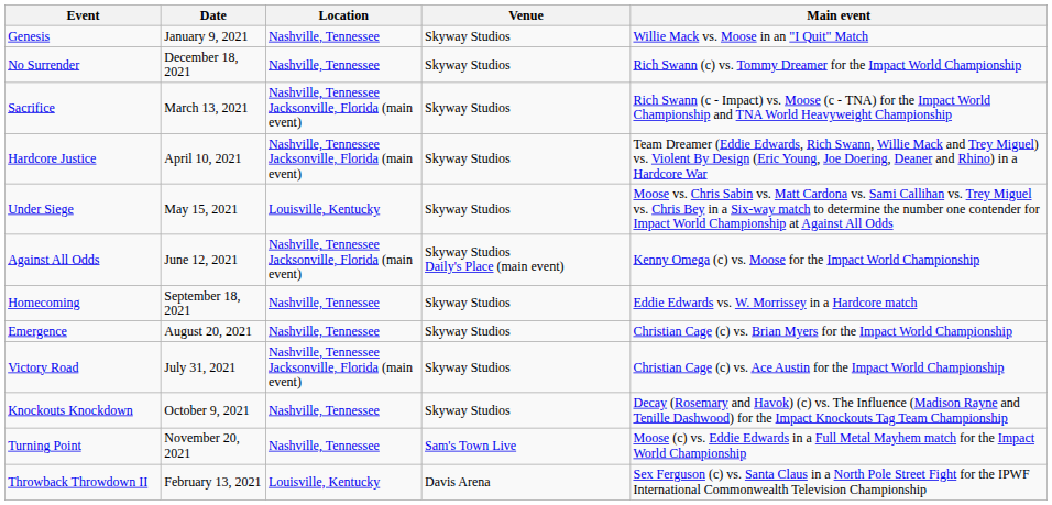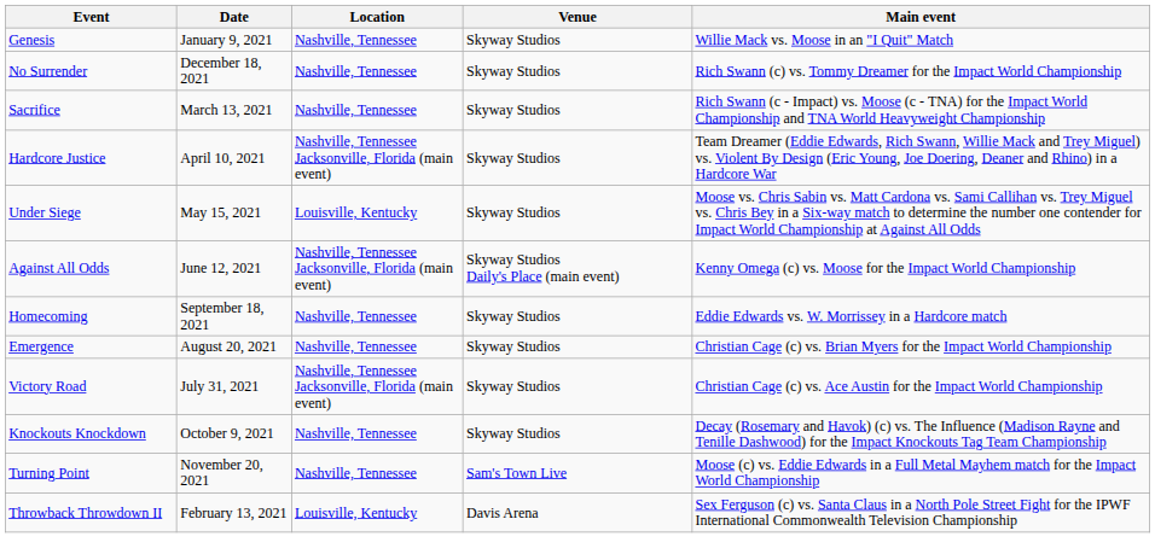 <table class="wikitable sortable" width="100%" style="align: center">
 <tr>
 <th width="15%">Event</th>
 <th width="10%">Date</th>
 <th width="15%">Location</th>
 <th width="20%">Venue</th>
 <th width="40%">Main event</th>
 </tr>
 <tr>
 <td><a href='#'>Genesis</a></td>
 <td>January 9, 2021</td>
 <td><a href='#'>Nashville, Tennessee</a></td>
 <td>Skyway Studios</td>
 <td><a href='#'>Willie Mack</a> vs. <a href='#'>Moose</a> in an <a href='#'>"I Quit" Match</a></td>
 </tr>
 <tr>
 <td><a href='#'>No Surrender</a></td>
 <td>December 18, 2021</td>
 <td><a href='#'>Nashville, Tennessee</a></td>
 <td>Skyway Studios</td>
 <td><a href='#'>Rich Swann</a> (c) vs. <a href='#'>Tommy Dreamer</a> for the <a href='#'>Impact World Championship</a></td>
 </tr>
 <tr>
 <td><a href='#'>Sacrifice</a></td>
 <td>March 13, 2021</td>
-<td><a href='#'>Nashville, Tennessee</a><br><a href='#'>Jacksonville, Florida</a> (main event)</td>
+<td><a href='#'>Nashville, Tennessee</a></td>
 <td>Skyway Studios</td>
 <td><a href='#'>Rich Swann</a> (c - Impact) vs. <a href='#'>Moose</a> (c - TNA) for the <a href='#'>Impact World Championship</a> and <a href='#'>TNA World Heavyweight Championship</a></td>
 </tr>
 <tr>
 <td><a href='#'>Hardcore Justice</a></td>
 <td>April 10, 2021</td>
 <td><a href='#'>Nashville, Tennessee</a><br><a href='#'>Jacksonville, Florida</a> (main event)</td>
 <td>Skyway Studios</td>
 <td>Team Dreamer (<a href='#'>Eddie Edwards</a>, <a href='#'>Rich Swann</a>, <a href='#'>Willie Mack</a> and <a href='#'>Trey Miguel</a>) vs. <a href='#'>Violent By Design</a> (<a href='#'>Eric Young</a>, <a href='#'>Joe Doering</a>, <a href='#'>Deaner</a> and <a href='#'>Rhino</a>) in a <a href='#'>Hardcore War</a></td>
 </tr>
 <tr>
 <td><a href='#'>Under Siege</a></td>
 <td>May 15, 2021</td>
 <td><a href='#'>Louisville, Kentucky</a></td>
 <td>Skyway Studios</td>
 <td><a href='#'>Moose</a> vs. <a href='#'>Chris Sabin</a> vs. <a href='#'>Matt Cardona</a> vs. <a href='#'>Sami Callihan</a> vs. <a href='#'>Trey Miguel</a> vs. <a href='#'>Chris Bey</a> in a <a href='#'>Six-way match</a> to determine the number one contender for <a href='#'>Impact World Championship</a> at <a href='#'>Against All Odds</a></td>
 </tr>
 <tr>
 <td><a href='#'>Against All Odds</a></td>
 <td>June 12, 2021</td>
 <td><a href='#'>Nashville, Tennessee</a><br><a href='#'>Jacksonville, Florida</a> (main event)</td>
 <td>Skyway Studios<br><a href='#'>Daily's Place</a> (main event)</td>
 <td><a href='#'>Kenny Omega</a> (c) vs. <a href='#'>Moose</a> for the <a href='#'>Impact World Championship</a></td>
 </tr>
 <tr>
 <td><a href='#'>Homecoming</a></td>
 <td>September 18, 2021</td>
 <td><a href='#'>Nashville, Tennessee</a></td>
 <td>Skyway Studios</td>
 <td><a href='#'>Eddie Edwards</a> vs. <a href='#'>W. Morrissey</a> in a <a href='#'>Hardcore match</a></td>
 </tr>
 <tr>
 <td><a href='#'>Emergence</a></td>
 <td>August 20, 2021</td>
 <td><a href='#'>Nashville, Tennessee</a></td>
 <td>Skyway Studios</td>
 <td><a href='#'>Christian Cage</a> (c) vs. <a href='#'>Brian Myers</a> for the <a href='#'>Impact World Championship</a></td>
 </tr>
 <tr>
 <td><a href='#'>Victory Road</a></td>
 <td>July 31, 2021</td>
 <td><a href='#'>Nashville, Tennessee</a><br><a href='#'>Jacksonville, Florida</a> (main event)</td>
 <td>Skyway Studios</td>
 <td><a href='#'>Christian Cage</a> (c) vs. <a href='#'>Ace Austin</a> for the <a href='#'>Impact World Championship</a></td>
 </tr>
 <tr>
 <td><a href='#'>Knockouts Knockdown</a></td>
 <td>October 9, 2021</td>
 <td><a href='#'>Nashville, Tennessee</a></td>
 <td>Skyway Studios</td>
 <td><a href='#'>Decay</a> (<a href='#'>Rosemary</a> and <a href='#'>Havok</a>) (c) vs. The Influence (<a href='#'>Madison Rayne</a> and <a href='#'>Tenille Dashwood</a>) for the <a href='#'>Impact Knockouts Tag Team Championship</a></td>
 </tr>
 <tr>
 <td><a href='#'>Turning Point</a></td>
 <td>November 20, 2021</td>
 <td><a href='#'>Nashville, Tennessee</a></td>
 <td><a href='#'>Sam's Town Live</a></td>
 <td><a href='#'>Moose</a> (c) vs. <a href='#'>Eddie Edwards</a> in a <a href='#'>Full Metal Mayhem match</a> for the <a href='#'>Impact World Championship</a></td>
 </tr>
 <tr>
 <td><a href='#'>Throwback Throwdown II</a></td>
 <td>February 13, 2021</td>
 <td><a href='#'>Louisville, Kentucky</a></td>
 <td>Davis Arena</td>
 <td><a href='#'>Sex Ferguson</a> (c) vs. <a href='#'>Santa Claus</a> in a <a href='#'>North Pole Street Fight</a> for the IPWF International Commonwealth Television Championship</td>
 </tr>
 </table>
